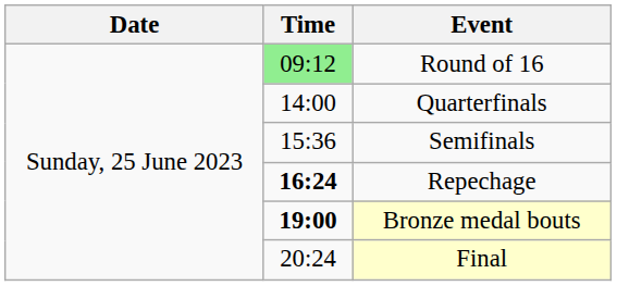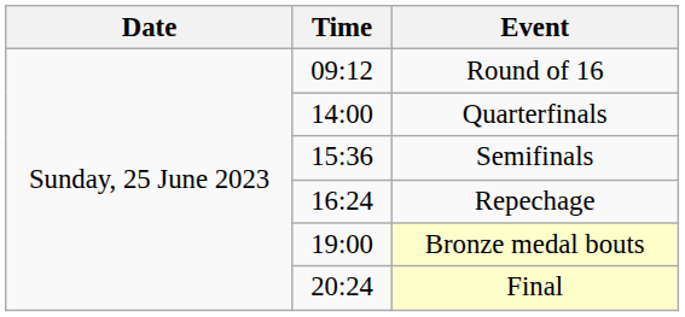 <table class = "wikitable" style="text-align:center;">
 <tr>
 <th width=160>Date</th>
 <th width=50>Time</th>
 <th width=160>Event</th>
 </tr>
 <tr>
 <td rowspan=6>Sunday, 25 June 2023</td>
-<td style="background: lightgreen;">09:12</td>
+<td>09:12</td>
 <td>Round of 16</td>
 </tr>
 <tr>
 <td>14:00</td>
 <td>Quarterfinals</td>
 </tr>
 <tr>
 <td>15:36</td>
 <td>Semifinals</td>
 </tr>
 <tr>
-<td><strong>16:24</strong></td>
+<td>16:24</td>
 <td>Repechage</td>
 </tr>
 <tr>
-<td><strong>19:00</strong></td>
+<td>19:00</td>
 <td bgcolor=ffffcc>Bronze medal bouts</td>
 </tr>
 <tr>
 <td>20:24</td>
 <td bgcolor=ffffcc>Final</td>
 </tr>
 </table>
